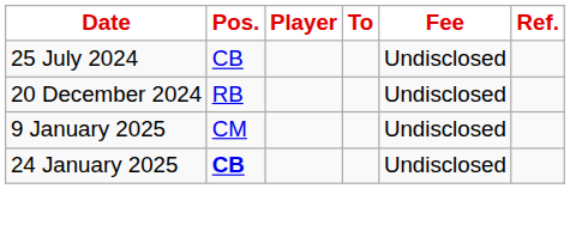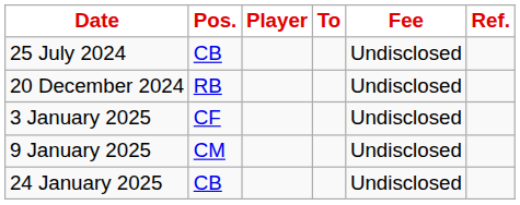 <table class="wikitable plainrowheaders sortable">
 <tr>
 <th style="background:white; color:#E00000; ">Date</th>
 <th style="background:white; color:#E00000; ">Pos.</th>
 <th style="background:white; color:#E00000; ">Player</th>
 <th style="background:white; color:#E00000; ">To</th>
 <th style="background:white; color:#E00000; ">Fee</th>
 <th style="background:white; color:#E00000; ">Ref.</th>
 </tr>
 <tr>
 <td>25 July 2024</td>
 <td><a href='#'>CB</a></td>
 <td></td>
 <td></td>
 <td>Undisclosed</td>
 <td></td>
 </tr>
 <tr>
 <td>20 December 2024</td>
 <td><a href='#'>RB</a></td>
 <td></td>
 <td></td>
 <td>Undisclosed</td>
 <td></td>
 </tr>
 <tr>
+<td>3 January 2025</td>
+<td><a href='#'>CF</a></td>
+<td></td>
+<td></td>
+<td>Undisclosed</td>
+<td></td>
+</tr>
+<tr>
 <td>9 January 2025</td>
 <td><a href='#'>CM</a></td>
 <td></td>
 <td></td>
 <td>Undisclosed</td>
 <td></td>
 </tr>
 <tr>
 <td>24 January 2025</td>
-<td><strong><a href='#'>CB</a></strong></td>
+<td><a href='#'>CB</a></td>
 <td></td>
 <td></td>
 <td>Undisclosed</td>
 <td></td>
 </tr>
 </table>
